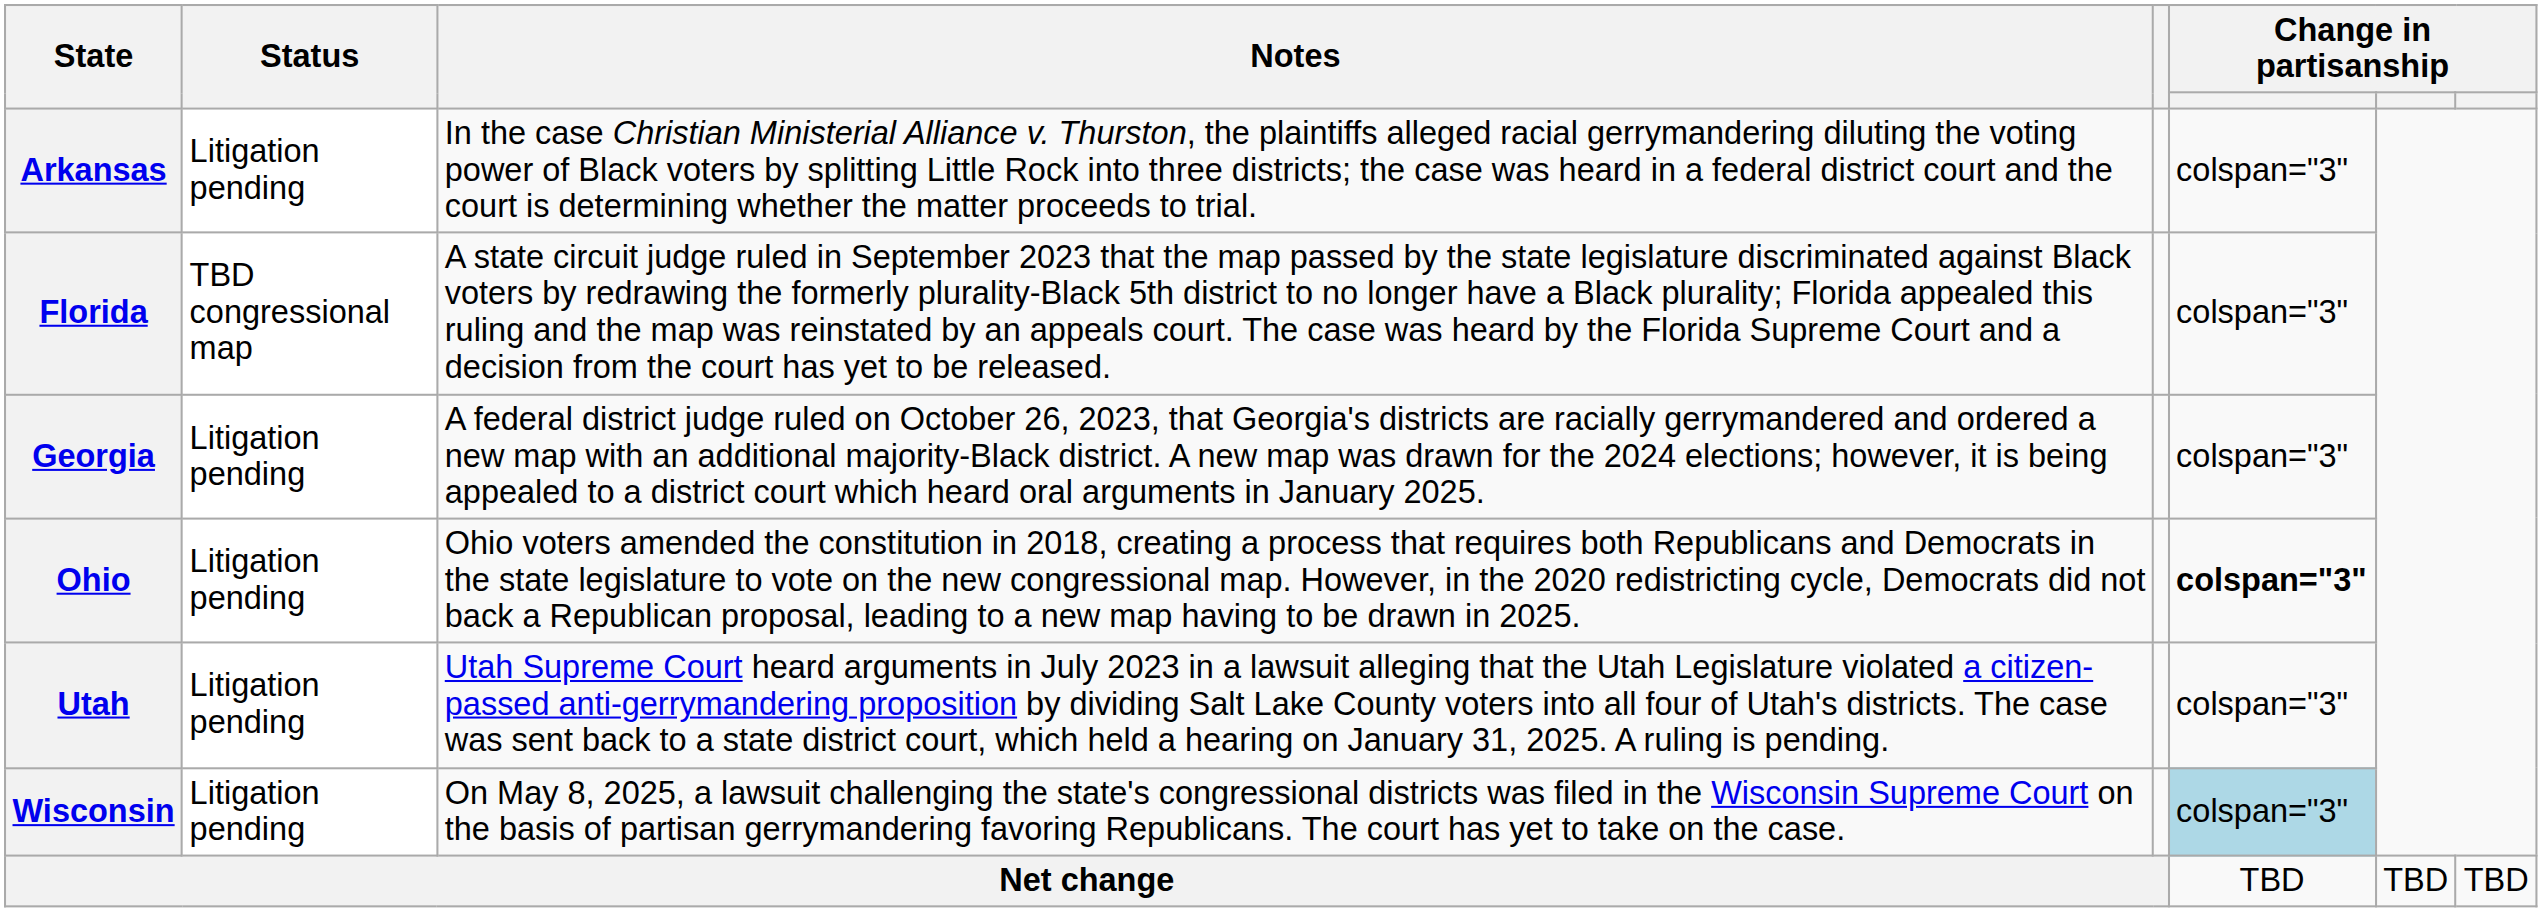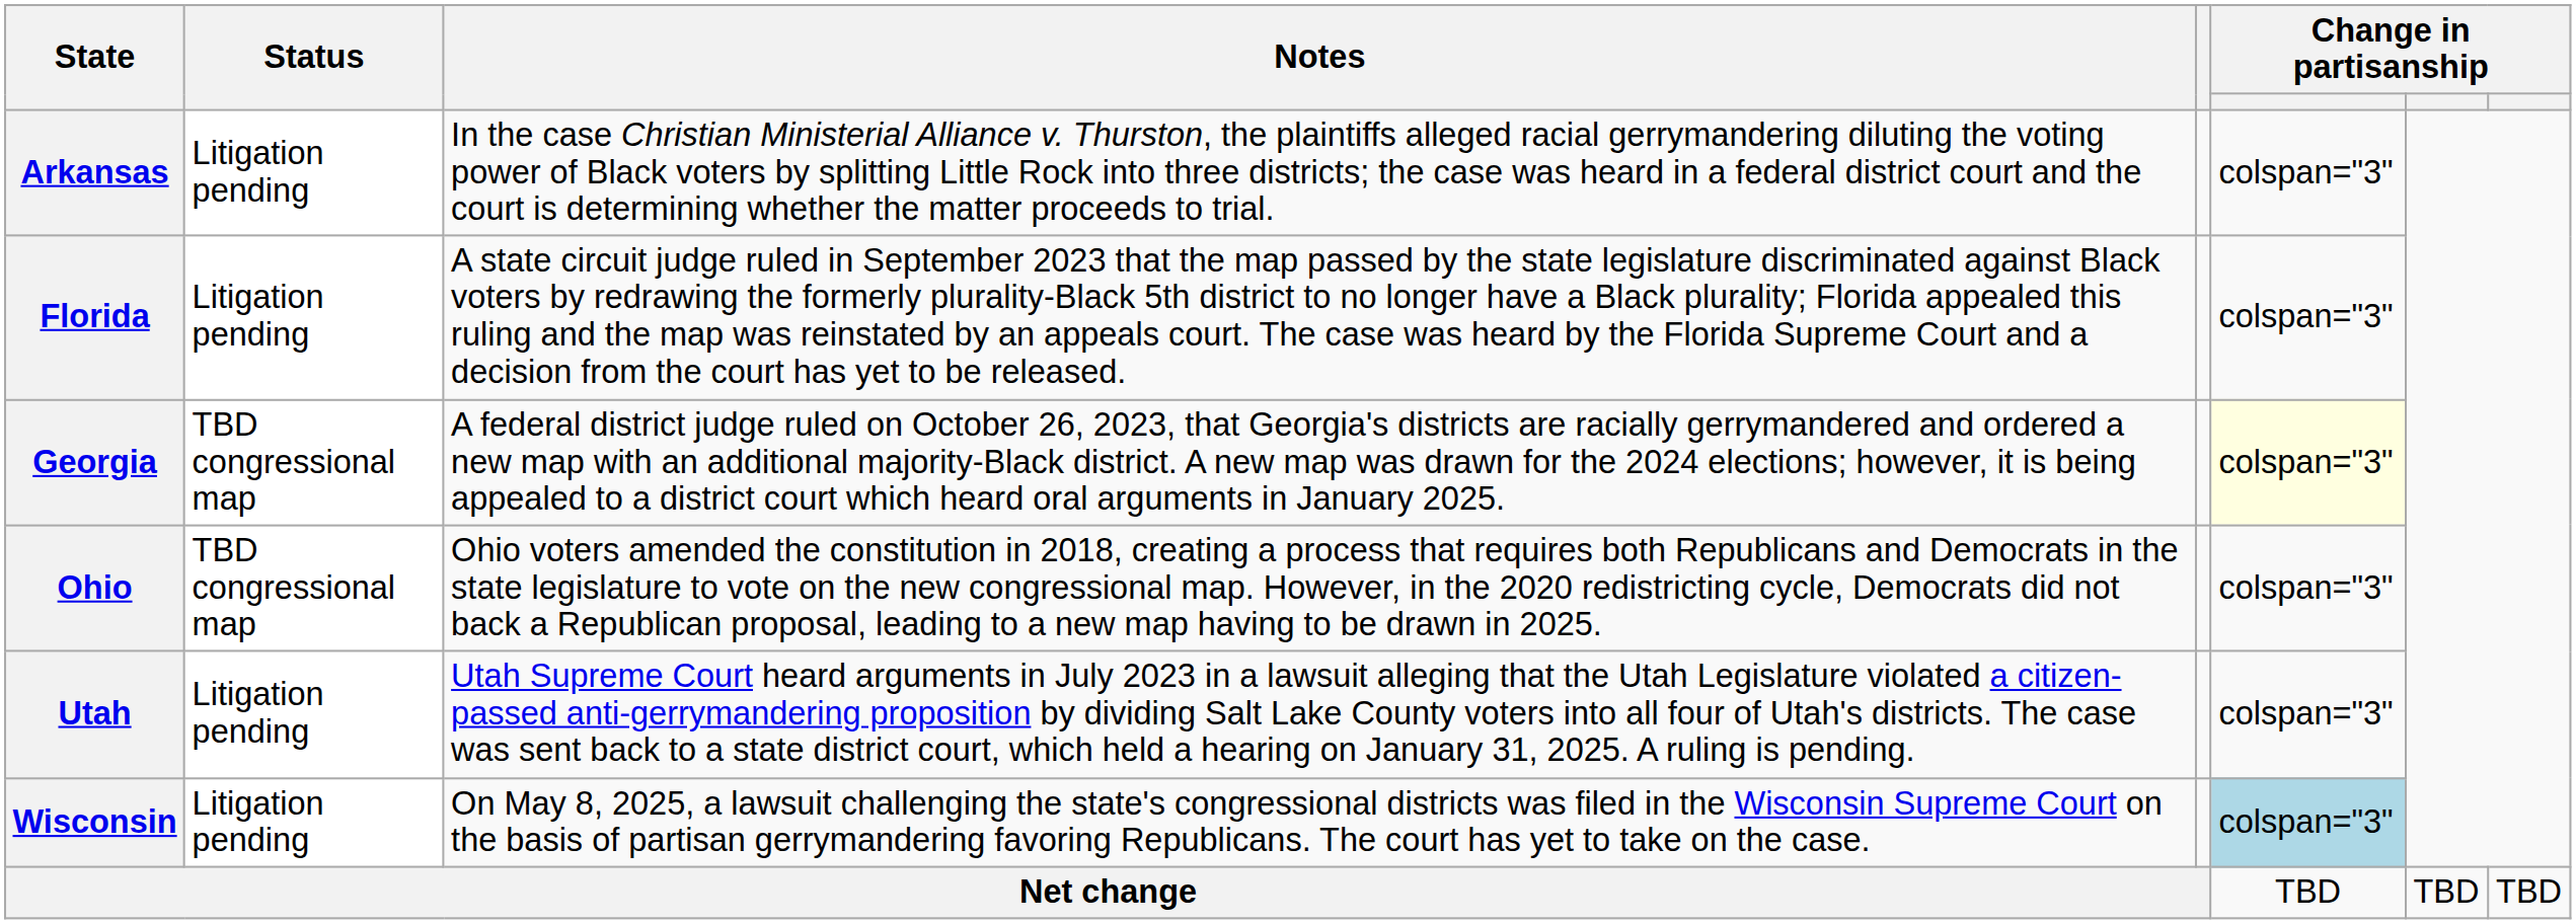 <table class="wikitable sortable defaultleft col4center col5center col6center col7center">
 <tr>
 <th rowspan="2">State<br></th>
 <th rowspan="2">Status</th>
 <th rowspan="2" class="unsortable">Notes</th>
 <th rowspan="2" class="unsortable"></th>
 <th colspan="3" style="text-align:center">Change in partisanship</th>
 </tr>
 <tr>
 <th></th>
 <th></th>
 <th></th>
 </tr>
 <tr>
 <th><a href='#'>Arkansas</a></th>
 <td data-sort-value=1 bgcolor="#FFFFFF">Litigation pending</td>
 <td>In the case <em>Christian Ministerial Alliance v. Thurston</em>, the plaintiffs alleged racial gerrymandering diluting the voting power of Black voters by splitting Little Rock into three districts; the case was heard in a federal district court and the court is determining whether the matter proceeds to trial.</td>
 <td></td>
 <td>colspan="3" </td>
 </tr>
 <tr>
 <th><a href='#'>Florida</a></th>
-<td data-sort-value=1 bgcolor="#FFFFFF">TBD congressional map</td>
+<td data-sort-value=1 bgcolor="#FFFFFF">Litigation pending</td>
 <td>A state circuit judge ruled in September 2023 that the map passed by the state legislature discriminated against Black voters by redrawing the formerly plurality-Black 5th district to no longer have a Black plurality; Florida appealed this ruling and the map was reinstated by an appeals court. The case was heard by the Florida Supreme Court and a decision from the court has yet to be released.</td>
 <td></td>
 <td>colspan="3" </td>
 </tr>
 <tr>
 <th><a href='#'>Georgia</a></th>
-<td data-sort-value=1 bgcolor="#FFFFFF">Litigation pending</td>
+<td data-sort-value=1 bgcolor="#FFFFFF">TBD congressional map</td>
 <td>A federal district judge ruled on October 26, 2023, that Georgia's districts are racially gerrymandered and ordered a new map with an additional majority-Black district. A new map was drawn for the 2024 elections; however, it is being appealed to a district court which heard oral arguments in January 2025.</td>
 <td></td>
-<td>colspan="3" </td>
+<td style="background: lightyellow;">colspan="3" </td>
 </tr>
 <tr>
 <th><a href='#'>Ohio</a></th>
-<td data-sort-value=1 bgcolor="#FFFFFF">Litigation pending</td>
+<td data-sort-value=1 bgcolor="#FFFFFF">TBD congressional map</td>
 <td>Ohio voters amended the constitution in 2018, creating a process that requires both Republicans and Democrats in the state legislature to vote on the new congressional map. However, in the 2020 redistricting cycle, Democrats did not back a Republican proposal, leading to a new map having to be drawn in 2025.</td>
 <td></td>
-<td><strong>colspan="3" </strong></td>
+<td>colspan="3" </td>
 </tr>
 <tr>
 <th><a href='#'>Utah</a></th>
 <td data-sort-value=1 bgcolor="#FFFFFF">Litigation pending</td>
 <td><a href='#'>Utah Supreme Court</a> heard arguments in July 2023 in a lawsuit alleging that the Utah Legislature violated <a href='#'>a citizen-passed anti-gerrymandering proposition</a> by dividing Salt Lake County voters into all four of Utah's districts. The case was sent back to a state district court, which held a hearing on January 31, 2025. A ruling is pending.</td>
 <td></td>
 <td>colspan="3" </td>
 </tr>
 <tr>
 <th><a href='#'> Wisconsin</a></th>
 <td data-sort-value="1" bgcolor="#FFFFFF">Litigation pending</td>
 <td>On May 8, 2025, a lawsuit challenging the state's congressional districts was filed in the <a href='#'>Wisconsin Supreme Court</a> on the basis of partisan gerrymandering favoring Republicans. The court has yet to take on the case.</td>
 <td></td>
 <td style="background: lightblue;">colspan="3" </td>
 </tr>
 <tr class="sortbottom">
 <th colspan="4">Net change </th>
 <td align="center">TBD</td>
 <td align="center">TBD</td>
 <td align="center">TBD</td>
 </tr>
 </table>
